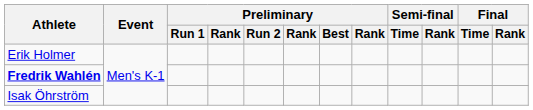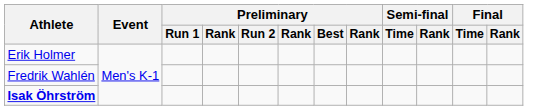 <table class=wikitable style=font-size:90%;text-align:center>
 <tr>
 <th rowspan=2>Athlete</th>
 <th rowspan=2>Event</th>
 <th colspan=6>Preliminary</th>
 <th colspan=2>Semi-final</th>
 <th colspan=2>Final</th>
 </tr>
 <tr style=font-size:95%>
 <th>Run 1</th>
 <th>Rank</th>
 <th>Run 2</th>
 <th>Rank</th>
 <th>Best</th>
 <th>Rank</th>
 <th>Time</th>
 <th>Rank</th>
 <th>Time</th>
 <th>Rank</th>
 </tr>
 <tr>
 <td align=left><a href='#'>Erik Holmer</a></td>
 <td align=left rowspan=3><a href='#'>Men's K-1</a></td>
 <td></td>
 <td></td>
 <td></td>
 <td></td>
 <td></td>
 <td></td>
 <td></td>
 <td></td>
 <td></td>
 <td></td>
 </tr>
 <tr>
-<td align=left><strong><a href='#'>Fredrik Wahlén</a></strong></td>
+<td align=left><a href='#'>Fredrik Wahlén</a></td>
 <td></td>
 <td></td>
 <td></td>
 <td></td>
 <td></td>
 <td></td>
 <td></td>
 <td></td>
 <td></td>
 <td></td>
 </tr>
 <tr>
-<td align=left><a href='#'>Isak Öhrström</a></td>
+<td align=left><strong><a href='#'>Isak Öhrström</a></strong></td>
 <td></td>
 <td></td>
 <td></td>
 <td></td>
 <td></td>
 <td></td>
 <td></td>
 <td></td>
 <td></td>
 <td></td>
 </tr>
 </table>
